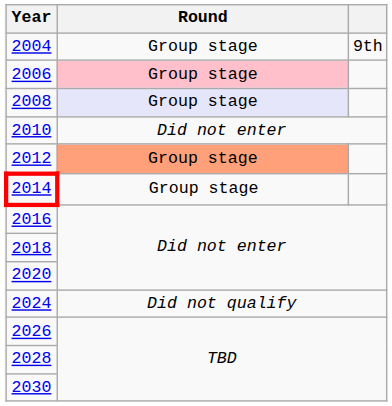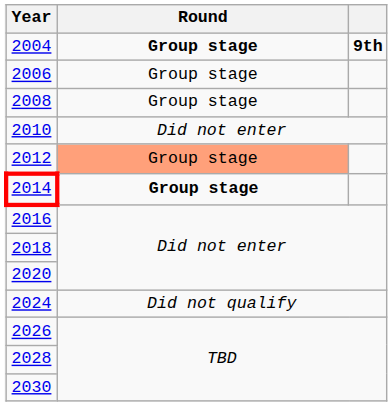 <table class="wikitable" style="text-align: center; font-size:90%">
 <tr>
 <th>Year</th>
 <th style="width:200px">Round</th>
 <th></th>
 </tr>
 <tr>
 <td><a href='#'>2004</a></td>
-<td>Group stage</td>
-<td>9th</td>
+<td><strong>Group stage</strong></td>
+<td><strong>9th</strong></td>
 </tr>
 <tr>
 <td><a href='#'>2006</a></td>
-<td style="background: pink;">Group stage</td>
+<td>Group stage</td>
 <td></td>
 </tr>
 <tr>
 <td><a href='#'>2008</a></td>
-<td style="background: lavender;">Group stage</td>
+<td>Group stage</td>
 <td></td>
 </tr>
 <tr>
 <td><a href='#'>2010</a></td>
 <td colspan="2"><em>Did not enter</em></td>
 </tr>
 <tr>
 <td><a href='#'>2012</a></td>
 <td style="background: lightsalmon;">Group stage</td>
 <td></td>
 </tr>
 <tr>
 <td style="border: 3px solid red"><a href='#'>2014</a></td>
-<td>Group stage</td>
+<td><strong>Group stage</strong></td>
 <td></td>
 </tr>
 <tr>
 <td><a href='#'>2016</a></td>
 <td colspan="2" rowspan="3"><em>Did not enter</em></td>
 </tr>
 <tr>
 <td><a href='#'>2018</a></td>
 </tr>
 <tr>
 <td><a href='#'>2020</a></td>
 </tr>
 <tr>
 <td><a href='#'>2024</a></td>
 <td colspan="2"><em>Did not qualify</em></td>
 </tr>
 <tr>
 <td><a href='#'>2026</a></td>
 <td colspan="2" rowspan="3"><em>TBD</em></td>
 </tr>
 <tr>
 <td><a href='#'>2028</a></td>
 </tr>
 <tr>
 <td><a href='#'>2030</a></td>
 </tr>
 </table>
